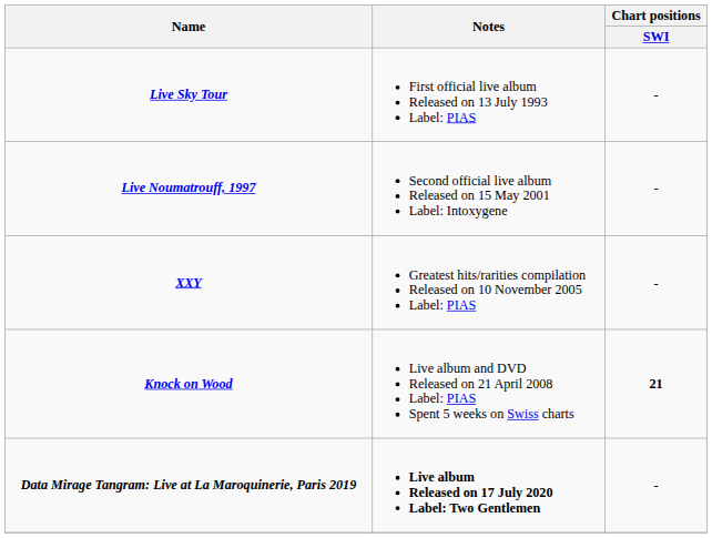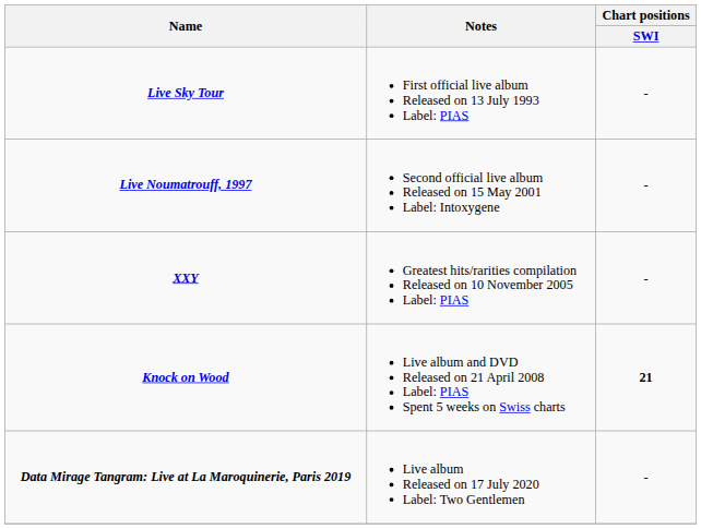 <table class=wikitable width=66% style=text-align:center>
 <tr>
 <th rowspan=2>Name</th>
 <th rowspan=2>Notes</th>
 <th colspan=2>Chart positions</th>
 </tr>
 <tr>
 <th><a href='#'>SWI</a></th>
 </tr>
 <tr>
 <td><strong><em><a href='#'>Live Sky Tour</a></em></strong></td>
 <td align=left><br><ul><li>First official live album</li><li>Released on 13 July 1993</li><li>Label: <a href='#'>PIAS</a></li></ul></td>
 <td>-</td>
 </tr>
 <tr>
 <td><strong><em><a href='#'>Live Noumatrouff, 1997</a></em></strong></td>
 <td align=left><br><ul><li>Second official live album</li><li>Released on 15 May 2001</li><li>Label: Intoxygene</li></ul></td>
 <td>-</td>
 </tr>
 <tr>
 <td><strong><em><a href='#'>XXY</a></em></strong></td>
 <td align=left><br><ul><li>Greatest hits/rarities compilation</li><li>Released on 10 November 2005</li><li>Label: <a href='#'>PIAS</a></li></ul></td>
 <td>-</td>
 </tr>
 <tr>
 <td><strong><em><a href='#'>Knock on Wood</a></em></strong></td>
 <td align=left><br><ul><li>Live album and DVD</li><li>Released on 21 April 2008</li><li>Label: <a href='#'>PIAS</a></li><li>Spent 5 weeks on <a href='#'>Swiss</a> charts</li></ul></td>
 <td><strong>21</strong></td>
 </tr>
 <tr>
 <td><strong><em>Data Mirage Tangram: Live at La Maroquinerie, Paris 2019</em></strong></td>
-<td align=left><strong><br><ul><li>Live album</li><li>Released on 17 July 2020</li><li>Label: Two Gentlemen</li></ul></strong></td>
+<td align=left><br><ul><li>Live album</li><li>Released on 17 July 2020</li><li>Label: Two Gentlemen</li></ul></td>
 <td>-</td>
 </tr>
 <tr>
 </tr>
 </table>
